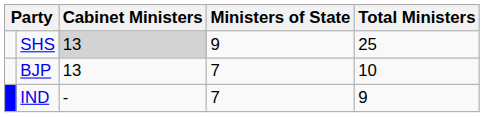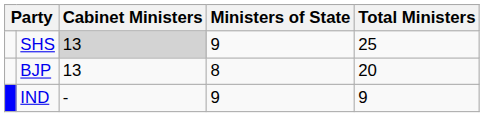 <table class="wikitable">
 <tr>
 <th colspan="2">Party</th>
 <th>Cabinet Ministers</th>
 <th>Ministers of State</th>
 <th>Total Ministers</th>
 </tr>
 <tr>
 <td width="4px"></td>
 <td><a href='#'>SHS</a></td>
 <td style="background: lightgrey;">13</td>
 <td>9</td>
 <td>25</td>
 </tr>
 <tr>
 <td width="4px"></td>
 <td><a href='#'>BJP</a></td>
 <td>13</td>
-<td>7</td>
-<td>10</td>
+<td>8</td>
+<td>20</td>
 </tr>
 <tr>
 <td width="4px" bgcolor=Blue></td>
 <td><a href='#'>IND</a></td>
 <td>-</td>
-<td>7</td>
+<td>9</td>
 <td>9</td>
 </tr>
 </table>
